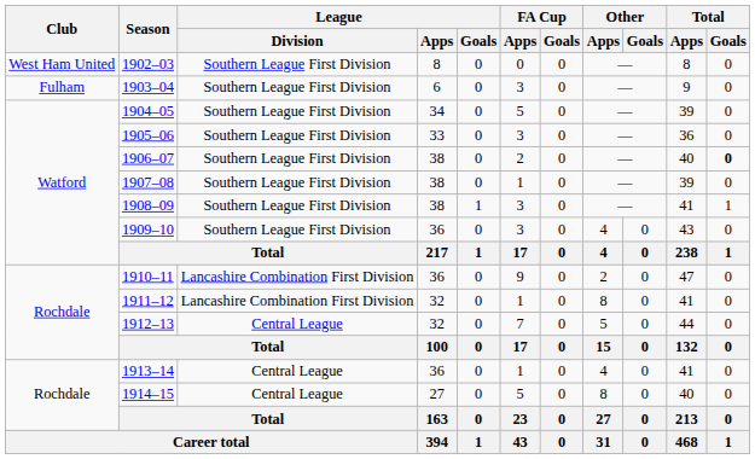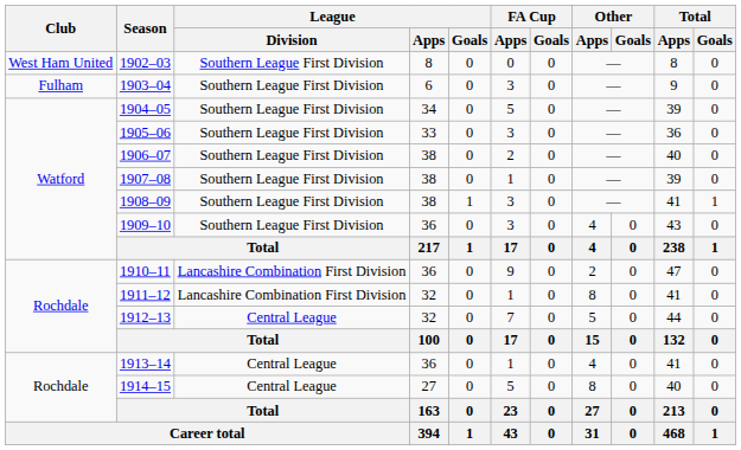 <table class="wikitable" style="text-align: center;">
 <tr>
 <th rowspan="2">Club</th>
 <th rowspan="2">Season</th>
 <th colspan="3">League</th>
 <th colspan="2">FA Cup</th>
 <th colspan="2">Other</th>
 <th colspan="2">Total</th>
 </tr>
 <tr>
 <th>Division</th>
 <th>Apps</th>
 <th>Goals</th>
 <th>Apps</th>
 <th>Goals</th>
 <th>Apps</th>
 <th>Goals</th>
 <th>Apps</th>
 <th>Goals</th>
 </tr>
 <tr>
 <td><a href='#'>West Ham United</a></td>
 <td><a href='#'>1902–03</a></td>
 <td><a href='#'>Southern League</a> First Division</td>
 <td>8</td>
 <td>0</td>
 <td>0</td>
 <td>0</td>
 <td colspan="2">—</td>
 <td>8</td>
 <td>0</td>
 </tr>
 <tr>
 <td><a href='#'>Fulham</a></td>
 <td><a href='#'>1903–04</a></td>
 <td>Southern League First Division</td>
 <td>6</td>
 <td>0</td>
 <td>3</td>
 <td>0</td>
 <td colspan="2">—</td>
 <td>9</td>
 <td>0</td>
 </tr>
 <tr>
 <td rowspan="7"><a href='#'>Watford</a></td>
 <td><a href='#'>1904–05</a></td>
 <td>Southern League First Division</td>
 <td>34</td>
 <td>0</td>
 <td>5</td>
 <td>0</td>
 <td colspan="2">—</td>
 <td>39</td>
 <td>0</td>
 </tr>
 <tr>
 <td><a href='#'>1905–06</a></td>
 <td>Southern League First Division</td>
 <td>33</td>
 <td>0</td>
 <td>3</td>
 <td>0</td>
 <td colspan="2">—</td>
 <td>36</td>
 <td>0</td>
 </tr>
 <tr>
 <td><a href='#'>1906–07</a></td>
 <td>Southern League First Division</td>
 <td>38</td>
 <td>0</td>
 <td>2</td>
 <td>0</td>
 <td colspan="2">—</td>
 <td>40</td>
-<td><strong>0</strong></td>
+<td>0</td>
 </tr>
 <tr>
 <td><a href='#'>1907–08</a></td>
 <td>Southern League First Division</td>
 <td>38</td>
 <td>0</td>
 <td>1</td>
 <td>0</td>
 <td colspan="2">—</td>
 <td>39</td>
 <td>0</td>
 </tr>
 <tr>
 <td><a href='#'>1908–09</a></td>
 <td>Southern League First Division</td>
 <td>38</td>
 <td>1</td>
 <td>3</td>
 <td>0</td>
 <td colspan="2">—</td>
 <td>41</td>
 <td>1</td>
 </tr>
 <tr>
 <td><a href='#'>1909–10</a></td>
 <td>Southern League First Division</td>
 <td>36</td>
 <td>0</td>
 <td>3</td>
 <td>0</td>
 <td>4</td>
 <td>0</td>
 <td>43</td>
 <td>0</td>
 </tr>
 <tr>
 <th colspan="2">Total</th>
 <th>217</th>
 <th>1</th>
 <th>17</th>
 <th>0</th>
 <th>4</th>
 <th>0</th>
 <th>238</th>
 <th>1</th>
 </tr>
 <tr>
 <td rowspan="4"><a href='#'>Rochdale</a></td>
 <td><a href='#'>1910–11</a></td>
 <td><a href='#'>Lancashire Combination</a> First Division</td>
 <td>36</td>
 <td>0</td>
 <td>9</td>
 <td>0</td>
 <td>2</td>
 <td>0</td>
 <td>47</td>
 <td>0</td>
 </tr>
 <tr>
 <td><a href='#'>1911–12</a></td>
 <td>Lancashire Combination First Division</td>
 <td>32</td>
 <td>0</td>
 <td>1</td>
 <td>0</td>
 <td>8</td>
 <td>0</td>
 <td>41</td>
 <td>0</td>
 </tr>
 <tr>
 <td><a href='#'>1912–13</a></td>
 <td><a href='#'>Central League</a></td>
 <td>32</td>
 <td>0</td>
 <td>7</td>
 <td>0</td>
 <td>5</td>
 <td>0</td>
 <td>44</td>
 <td>0</td>
 </tr>
 <tr>
 <th colspan="2">Total</th>
 <th>100</th>
 <th>0</th>
 <th>17</th>
 <th>0</th>
 <th>15</th>
 <th>0</th>
 <th>132</th>
 <th>0</th>
 </tr>
 <tr>
 <td rowspan="3">Rochdale</td>
 <td><a href='#'>1913–14</a></td>
 <td>Central League</td>
 <td>36</td>
 <td>0</td>
 <td>1</td>
 <td>0</td>
 <td>4</td>
 <td>0</td>
 <td>41</td>
 <td>0</td>
 </tr>
 <tr>
 <td><a href='#'>1914–15</a></td>
 <td>Central League</td>
 <td>27</td>
 <td>0</td>
 <td>5</td>
 <td>0</td>
 <td>8</td>
 <td>0</td>
 <td>40</td>
 <td>0</td>
 </tr>
 <tr>
 <th colspan="2">Total</th>
 <th>163</th>
 <th>0</th>
 <th>23</th>
 <th>0</th>
 <th>27</th>
 <th>0</th>
 <th>213</th>
 <th>0</th>
 </tr>
 <tr>
 <th colspan="3">Career total</th>
 <th>394</th>
 <th>1</th>
 <th>43</th>
 <th>0</th>
 <th>31</th>
 <th>0</th>
 <th>468</th>
 <th>1</th>
 </tr>
 </table>
